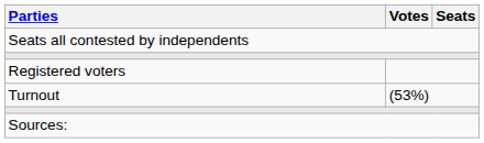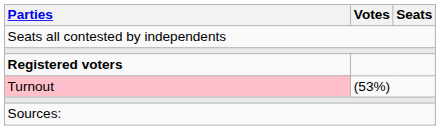 <table class="wikitable">
 <tr>
 <th style="text-align:left;vertical-align:top;" width=400><a href='#'>Parties</a></th>
 <th>Votes</th>
 <th>Seats</th>
 </tr>
 <tr>
 <td style="text-align:left;" colspan="3">Seats all contested by independents</td>
 </tr>
 <tr>
 <td colspan="3" style="background-color:#E9E9E9"></td>
 </tr>
 <tr>
-<td style="text-align:left;">Registered voters</td>
+<td style="text-align:left;"><strong>Registered voters</strong></td>
 <td colspan="2" style="text-align:left;"></td>
 </tr>
 <tr>
-<td style="text-align:left;">Turnout</td>
+<td style="background: pink; text-align:left;">Turnout</td>
 <td colspan="2" style="text-align:left;"> (53%)</td>
 </tr>
 <tr>
 <td colspan="3" style="background-color:#E9E9E9"></td>
 </tr>
 <tr>
 <td colspan="3" style="text-align:left;">Sources:</td>
 </tr>
 </table>
